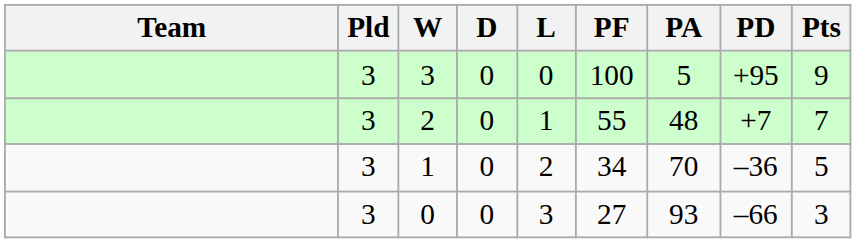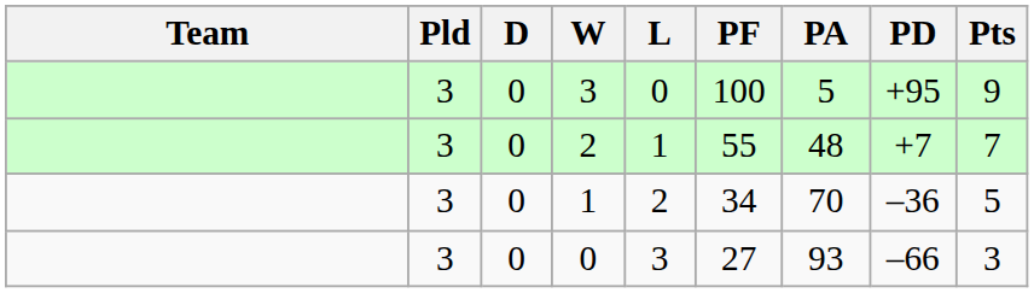 <table class="wikitable" style="text-align:center;">
 <tr>
 <th width=175>Team</th>
 <th width=25 abbr="Played">Pld</th>
+<th width=25 abbr="Drawn">D</th>
 <th width=25 abbr="Won">W</th>
-<th width=25 abbr="Drawn">D</th>
 <th width=25 abbr="Lost">L</th>
 <th width=32 abbr="Points for">PF</th>
 <th width=32 abbr="Points against">PA</th>
 <th width=32 abbr="Points difference">PD</th>
 <th width=25 abbr="Points">Pts</th>
 </tr>
 <tr bgcolor=ccffcc>
 <td align=left></td>
 <td>3</td>
+<td>0</td>
 <td>3</td>
-<td>0</td>
 <td>0</td>
 <td>100</td>
 <td>5</td>
 <td>+95</td>
 <td>9</td>
 </tr>
 <tr bgcolor=ccffcc>
 <td align=left></td>
 <td>3</td>
+<td>0</td>
 <td>2</td>
-<td>0</td>
 <td>1</td>
 <td>55</td>
 <td>48</td>
 <td>+7</td>
 <td>7</td>
 </tr>
 <tr>
 <td align=left></td>
 <td>3</td>
+<td>0</td>
 <td>1</td>
-<td>0</td>
 <td>2</td>
 <td>34</td>
 <td>70</td>
 <td>–36</td>
 <td>5</td>
 </tr>
 <tr>
 <td align=left></td>
 <td>3</td>
 <td>0</td>
 <td>0</td>
 <td>3</td>
 <td>27</td>
 <td>93</td>
 <td>–66</td>
 <td>3</td>
 </tr>
 </table>
